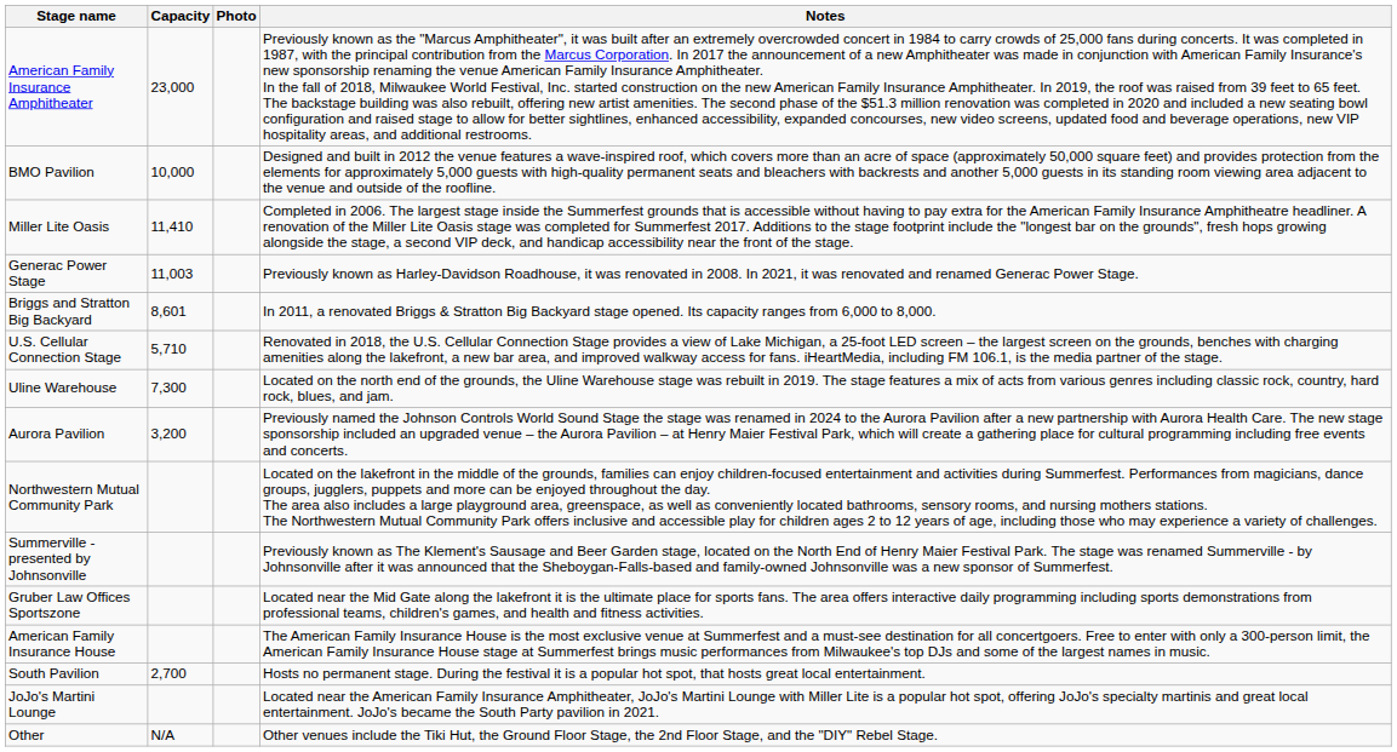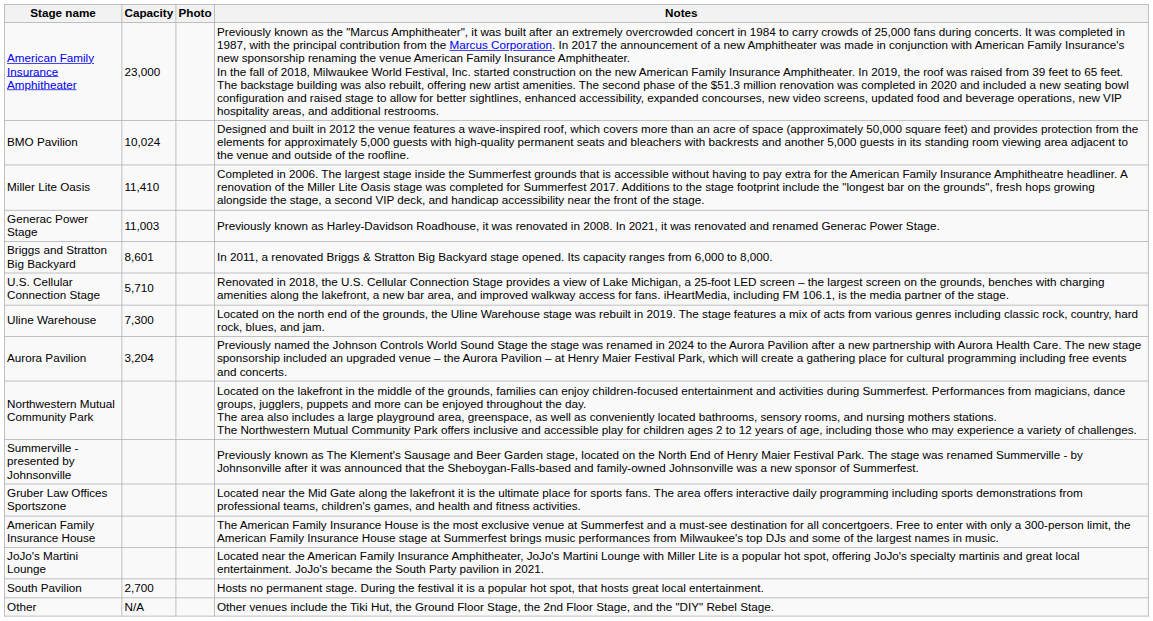 <table class="wikitable">
 <tr>
 <th>Stage name</th>
 <th>Capacity</th>
 <th>Photo</th>
 <th>Notes</th>
 </tr>
 <tr>
 <td><a href='#'>American Family Insurance Amphitheater</a></td>
 <td>23,000</td>
 <td></td>
 <td>Previously known as the "Marcus Amphitheater", it was built after an extremely overcrowded concert in 1984 to carry crowds of 25,000 fans during concerts. It was completed in 1987, with the principal contribution from the <a href='#'>Marcus Corporation</a>. In 2017 the announcement of a new Amphitheater was made in conjunction with American Family Insurance's new sponsorship renaming the venue American Family Insurance Amphitheater.<br>In the fall of 2018, Milwaukee World Festival, Inc. started construction on the new American Family Insurance Amphitheater. In 2019, the roof was raised from 39 feet to 65 feet. The backstage building was also rebuilt, offering new artist amenities.  The second phase of the $51.3 million renovation was completed in 2020 and included a new seating bowl configuration and raised stage to allow for better sightlines, enhanced accessibility, expanded concourses, new video screens, updated food and beverage operations, new VIP hospitality areas, and additional restrooms.</td>
 </tr>
 <tr>
 <td>BMO Pavilion</td>
-<td>10,000</td>
+<td>10,024</td>
 <td></td>
 <td>Designed and built in 2012 the venue features a wave-inspired roof, which covers more than an acre of space (approximately 50,000 square feet) and provides protection from the elements for approximately 5,000 guests with high-quality permanent seats and bleachers with backrests and another 5,000 guests in its standing room viewing area adjacent to the venue and outside of the roofline.</td>
 </tr>
 <tr>
 <td>Miller Lite Oasis</td>
 <td>11,410</td>
 <td></td>
 <td>Completed in 2006. The largest stage inside the Summerfest grounds that is accessible without having to pay extra for the American Family Insurance Amphitheatre headliner. A renovation of the Miller Lite Oasis stage was completed for Summerfest 2017. Additions to the stage footprint include the "longest bar on the grounds", fresh hops growing alongside the stage, a second VIP deck, and handicap accessibility near the front of the stage.</td>
 </tr>
 <tr>
 <td>Generac Power Stage</td>
 <td>11,003</td>
 <td></td>
 <td>Previously known as Harley-Davidson Roadhouse, it was renovated in 2008. In 2021, it was renovated and renamed Generac Power Stage.</td>
 </tr>
 <tr>
 <td>Briggs and Stratton Big Backyard</td>
 <td>8,601</td>
 <td></td>
 <td>In 2011, a renovated Briggs & Stratton Big Backyard stage opened. Its capacity ranges from 6,000 to 8,000.</td>
 </tr>
 <tr>
 <td>U.S. Cellular Connection Stage</td>
 <td>5,710</td>
 <td></td>
 <td>Renovated in 2018, the U.S. Cellular Connection Stage provides a view of Lake Michigan, a 25-foot LED screen – the largest screen on the grounds, benches with charging amenities along the lakefront, a new bar area, and improved walkway access for fans. iHeartMedia, including FM 106.1, is the media partner of the stage.</td>
 </tr>
 <tr>
 <td>Uline Warehouse</td>
 <td>7,300</td>
 <td></td>
 <td>Located on the north end of the grounds, the Uline Warehouse stage was rebuilt in 2019. The stage features a mix of acts from various genres including classic rock, country, hard rock, blues, and jam.</td>
 </tr>
 <tr>
 <td>Aurora Pavilion</td>
-<td>3,200</td>
+<td>3,204</td>
 <td></td>
 <td>Previously named the Johnson Controls World Sound Stage the stage was renamed in 2024 to the Aurora Pavilion after a new partnership with Aurora Health Care. The new stage sponsorship included an upgraded venue – the Aurora Pavilion – at Henry Maier Festival Park, which will create a gathering place for cultural programming including free events and concerts.</td>
 </tr>
 <tr>
 <td>Northwestern Mutual Community Park</td>
 <td></td>
 <td></td>
 <td>Located on the lakefront in the middle of the grounds, families can enjoy children-focused entertainment and activities during Summerfest. Performances from magicians, dance groups, jugglers, puppets and more can be enjoyed throughout the day.<br>The area also includes a large playground area, greenspace, as well as conveniently located bathrooms, sensory rooms, and nursing mothers stations.<br>The Northwestern Mutual Community Park offers inclusive and accessible play for children ages 2 to 12 years of age, including those who may experience a variety of challenges.</td>
 </tr>
 <tr>
 <td>Summerville - presented by Johnsonville</td>
 <td></td>
 <td></td>
 <td>Previously known as The Klement's Sausage and Beer Garden stage, located on the North End of Henry Maier Festival Park. The stage was renamed Summerville - by Johnsonville after it was announced that the Sheboygan-Falls-based and family-owned Johnsonville was a new sponsor of Summerfest.</td>
 </tr>
 <tr>
 <td>Gruber Law Offices Sportszone</td>
 <td></td>
 <td></td>
 <td>Located near the Mid Gate along the lakefront it is the ultimate place for sports fans. The area offers interactive daily programming including sports demonstrations from professional teams, children's games, and health and fitness activities.</td>
 </tr>
 <tr>
 <td>American Family Insurance House</td>
 <td></td>
 <td></td>
 <td>The American Family Insurance House is the most exclusive venue at Summerfest and a must-see destination for all concertgoers. Free to enter with only a 300-person limit, the American Family Insurance House stage at Summerfest brings music performances from Milwaukee's top DJs and some of the largest names in music.</td>
 </tr>
 <tr>
+<td>JoJo's Martini Lounge</td>
+<td></td>
+<td></td>
+<td>Located near the American Family Insurance Amphitheater, JoJo's Martini Lounge with Miller Lite is a popular hot spot, offering JoJo's specialty martinis and great local entertainment.  JoJo's became the South Party pavilion in 2021.</td>
+</tr>
+<tr>
 <td>South Pavilion</td>
 <td>2,700</td>
 <td></td>
 <td>Hosts no permanent stage. During the festival it is a popular hot spot, that hosts great local entertainment.</td>
-</tr>
-<tr>
-<td>JoJo's Martini Lounge</td>
-<td></td>
-<td></td>
-<td>Located near the American Family Insurance Amphitheater, JoJo's Martini Lounge with Miller Lite is a popular hot spot, offering JoJo's specialty martinis and great local entertainment.  JoJo's became the South Party pavilion in 2021.</td>
 </tr>
 <tr>
 <td>Other</td>
 <td>N/A</td>
 <td></td>
 <td>Other venues include the Tiki Hut, the Ground Floor Stage, the 2nd Floor Stage, and the "DIY" Rebel Stage.</td>
 </tr>
 </table>
